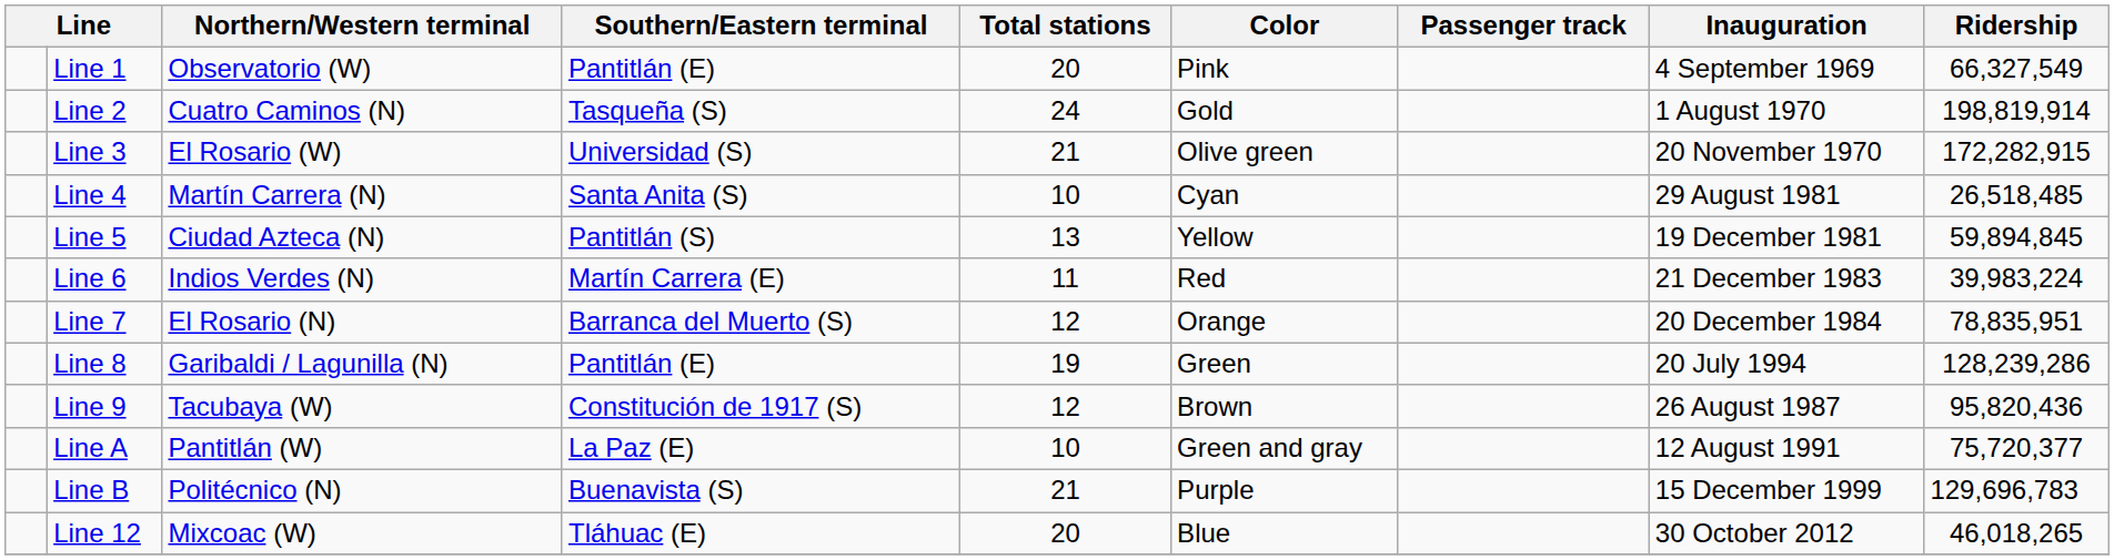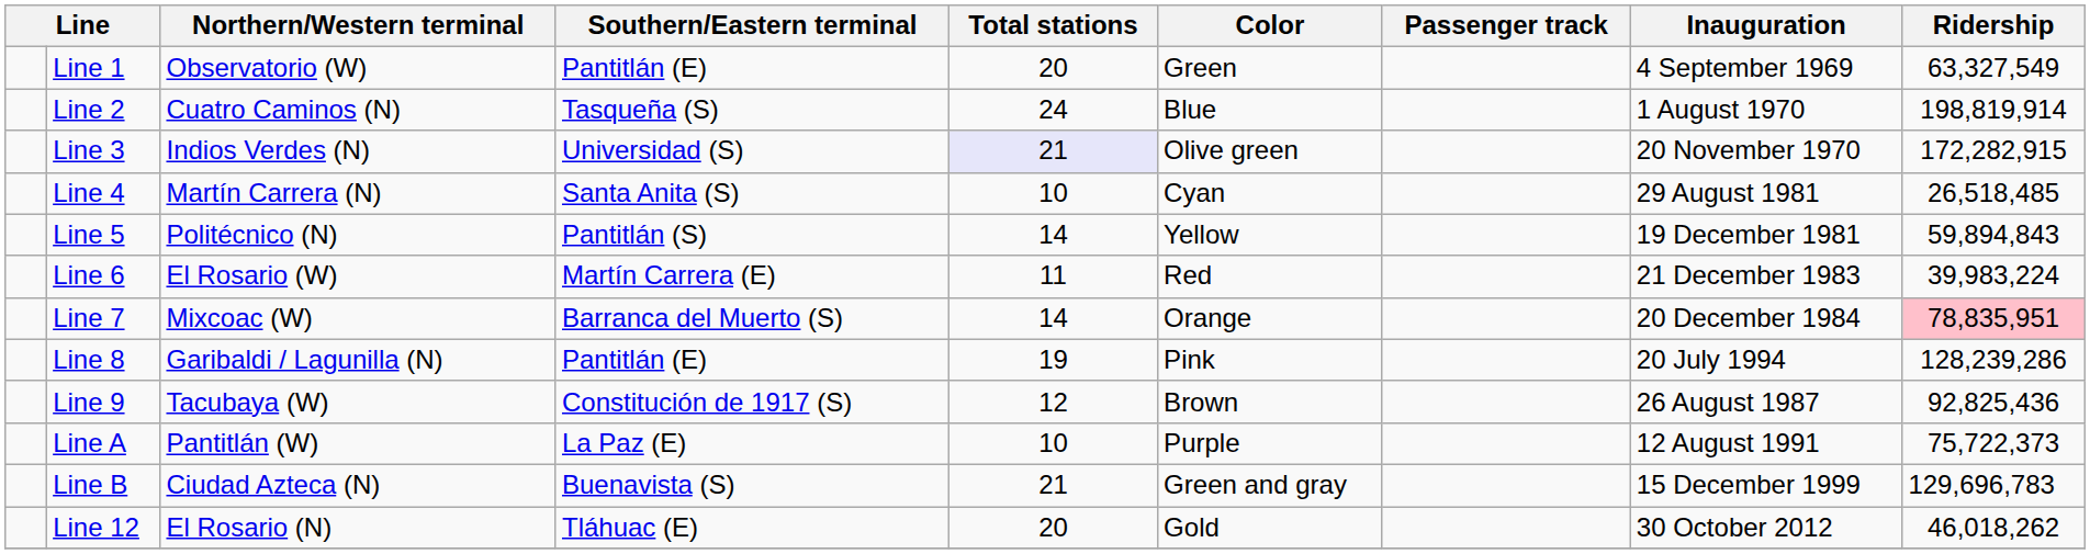 <table width="100%"  class="wikitable">
 <tr>
 <th colspan="2" align="center">Line</th>
 <th align="center">Northern/Western terminal</th>
 <th align="center">Southern/Eastern terminal</th>
 <th align="center">Total stations</th>
 <th>Color</th>
 <th align="center">Passenger track</th>
 <th align="center">Inauguration</th>
 <th align="center">Ridership<br></th>
 </tr>
 <tr>
 <td rowspan="1" width="2%" bgcolor=""></td>
 <td><a href='#'>Line 1</a></td>
 <td><a href='#'>Observatorio</a> (W)</td>
 <td><a href='#'>Pantitlán</a> (E)</td>
 <td align="center">20</td>
-<td>Pink</td>
+<td>Green</td>
 <td align="center"></td>
 <td>4 September 1969</td>
-<td align="center">66,327,549</td>
+<td align="center">63,327,549</td>
 </tr>
 <tr>
 <td rowspan="1" width="2%" bgcolor=""></td>
 <td><a href='#'>Line 2</a></td>
 <td><a href='#'>Cuatro Caminos</a> (N)</td>
 <td><a href='#'>Tasqueña</a> (S)</td>
 <td align="center">24</td>
-<td>Gold</td>
+<td>Blue</td>
 <td align="center"></td>
 <td>1 August 1970</td>
 <td align="center">198,819,914</td>
 </tr>
 <tr>
 <td rowspan="1" width="2%" bgcolor=""></td>
 <td><a href='#'>Line 3</a></td>
-<td><a href='#'>El Rosario</a> (W)</td>
+<td><a href='#'>Indios Verdes</a> (N)</td>
 <td><a href='#'>Universidad</a> (S)</td>
-<td align="center">21</td>
+<td align="center" style="background: lavender;">21</td>
 <td>Olive green</td>
 <td align="center"></td>
 <td>20 November 1970</td>
 <td align=center>172,282,915</td>
 </tr>
 <tr>
 <td rowspan="1" width="2%" bgcolor=""></td>
 <td><a href='#'>Line 4</a></td>
 <td><a href='#'>Martín Carrera</a> (N)</td>
 <td><a href='#'>Santa Anita</a> (S)</td>
 <td align="center">10</td>
 <td>Cyan</td>
 <td align="center"></td>
 <td>29 August 1981</td>
 <td align="center">26,518,485</td>
 </tr>
 <tr>
 <td rowspan="1" width="2%" bgcolor=""></td>
 <td><a href='#'>Line 5</a></td>
-<td><a href='#'>Ciudad Azteca</a> (N)</td>
+<td><a href='#'>Politécnico</a> (N)</td>
 <td><a href='#'>Pantitlán</a> (S)</td>
-<td align="center">13</td>
+<td align="center">14</td>
 <td>Yellow</td>
 <td align="center"></td>
 <td>19 December 1981</td>
-<td align=center>59,894,845</td>
+<td align=center>59,894,843</td>
 </tr>
 <tr>
 <td rowspan="1" width="2%" bgcolor=""></td>
 <td><a href='#'>Line 6</a></td>
-<td><a href='#'>Indios Verdes</a> (N)</td>
+<td><a href='#'>El Rosario</a> (W)</td>
 <td><a href='#'>Martín Carrera</a> (E)</td>
 <td align="center">11</td>
 <td>Red</td>
 <td align="center"></td>
 <td>21 December 1983</td>
 <td align="center">39,983,224</td>
 </tr>
 <tr>
 <td rowspan="1" width="2%" bgcolor=""></td>
 <td><a href='#'>Line 7</a></td>
-<td><a href='#'>El Rosario</a> (N)</td>
+<td><a href='#'>Mixcoac</a> (W)</td>
 <td><a href='#'>Barranca del Muerto</a> (S)</td>
-<td align="center">12</td>
+<td align="center">14</td>
 <td>Orange</td>
 <td align="center"></td>
 <td>20 December 1984</td>
-<td align="center">78,835,951</td>
+<td align="center" style="background: pink;">78,835,951</td>
 </tr>
 <tr>
 <td rowspan="1" width="2%" bgcolor=""></td>
 <td><a href='#'>Line 8</a></td>
 <td><a href='#'>Garibaldi / Lagunilla</a> (N)</td>
 <td><a href='#'>Pantitlán</a> (E)</td>
 <td align="center">19</td>
-<td>Green</td>
+<td>Pink</td>
 <td align="center"></td>
 <td>20 July 1994</td>
 <td align="center">128,239,286</td>
 </tr>
 <tr>
 <td rowspan="1" width="2%" bgcolor=""></td>
 <td><a href='#'>Line 9</a></td>
 <td><a href='#'>Tacubaya</a> (W)</td>
 <td><a href='#'>Constitución de 1917</a> (S)</td>
 <td align="center">12</td>
 <td>Brown</td>
 <td align="center"></td>
 <td>26 August 1987</td>
-<td align="center">95,820,436</td>
+<td align="center">92,825,436</td>
 </tr>
 <tr>
 <td rowspan="1" width="2%" bgcolor=""></td>
 <td><a href='#'>Line A</a></td>
 <td><a href='#'>Pantitlán</a> (W)</td>
 <td><a href='#'>La Paz</a> (E)</td>
 <td align="center">10</td>
-<td>Green and gray</td>
+<td>Purple</td>
 <td align="center"></td>
 <td>12 August 1991</td>
-<td align="center">75,720,377</td>
+<td align="center">75,722,373</td>
 </tr>
 <tr>
 <td rowspan="1" width="2%" bgcolor=""></td>
 <td><a href='#'>Line B</a></td>
-<td><a href='#'>Politécnico</a> (N)</td>
+<td><a href='#'>Ciudad Azteca</a> (N)</td>
 <td><a href='#'>Buenavista</a> (S)</td>
 <td align="center">21</td>
-<td>Purple</td>
+<td>Green and gray</td>
 <td></td>
 <td>15 December 1999</td>
 <td>129,696,783</td>
 </tr>
 <tr>
 <td rowspan="1" width="2%" bgcolor=""></td>
 <td><a href='#'>Line 12</a></td>
-<td><a href='#'>Mixcoac</a> (W)</td>
+<td><a href='#'>El Rosario</a> (N)</td>
 <td><a href='#'>Tláhuac</a> (E)</td>
 <td align="center">20</td>
-<td>Blue</td>
+<td>Gold</td>
 <td align="center"></td>
 <td>30 October 2012</td>
-<td align="center">46,018,265</td>
+<td align="center">46,018,262</td>
 </tr>
 <tr>
 </tr>
 </table>
